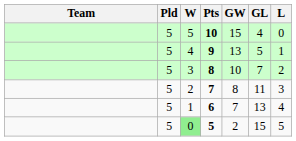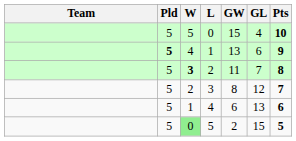 <table class="wikitable" style="text-align:center">
 <tr>
 <th width=200>Team</th>
 <th width=20>Pld</th>
 <th width=20>W</th>
-<th width=20>Pts</th>
+<th width=20>L</th>
 <th width=20>GW</th>
 <th width=20>GL</th>
-<th width=20>L</th>
+<th width=20>Pts</th>
 </tr>
 <tr bgcolor=ccffcc>
 <td style="text-align:left;"></td>
 <td>5</td>
 <td>5</td>
-<td><strong>10</strong></td>
+<td>0</td>
 <td>15</td>
 <td>4</td>
-<td>0</td>
+<td><strong>10</strong></td>
+</tr>
+<tr bgcolor=ccffcc>
+<td style="text-align:left;"></td>
+<td><strong>5</strong></td>
+<td>4</td>
+<td>1</td>
+<td>13</td>
+<td>6</td>
+<td><strong>9</strong></td>
 </tr>
 <tr bgcolor=ccffcc>
 <td style="text-align:left;"></td>
 <td>5</td>
-<td>4</td>
-<td><strong>9</strong></td>
-<td>13</td>
-<td>5</td>
-<td>1</td>
-</tr>
-<tr bgcolor=ccffcc>
-<td style="text-align:left;"></td>
-<td>5</td>
-<td>3</td>
+<td><strong>3</strong></td>
+<td>2</td>
+<td>11</td>
+<td>7</td>
 <td><strong>8</strong></td>
-<td>10</td>
-<td>7</td>
-<td>2</td>
 </tr>
 <tr>
 <td style="text-align:left;"></td>
 <td>5</td>
 <td>2</td>
+<td>3</td>
+<td>8</td>
+<td>12</td>
 <td><strong>7</strong></td>
-<td>8</td>
-<td>11</td>
-<td>3</td>
 </tr>
 <tr>
 <td style="text-align:left;"></td>
 <td>5</td>
 <td>1</td>
+<td>4</td>
+<td>6</td>
+<td>13</td>
 <td><strong>6</strong></td>
-<td>7</td>
-<td>13</td>
-<td>4</td>
 </tr>
 <tr>
 <td style="text-align:left;"></td>
 <td>5</td>
 <td style="background: lightgreen;">0</td>
-<td><strong>5</strong></td>
+<td>5</td>
 <td>2</td>
 <td>15</td>
-<td>5</td>
+<td><strong>5</strong></td>
 </tr>
 </table>
